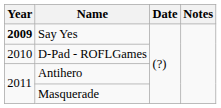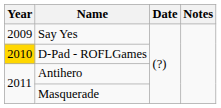 <table class="wikitable">
 <tr>
 <th>Year</th>
 <th>Name</th>
 <th>Date</th>
 <th>Notes</th>
 </tr>
 <tr>
-<td><strong>2009</strong></td>
+<td>2009</td>
 <td>Say Yes</td>
 <td rowspan="4">(?)</td>
 </tr>
 <tr>
-<td>2010</td>
+<td style="background: gold;">2010</td>
 <td>D-Pad - ROFLGames</td>
 </tr>
 <tr>
 <td rowspan="2">2011</td>
 <td>Antihero</td>
 </tr>
 <tr>
 <td>Masquerade</td>
 </tr>
 </table>
